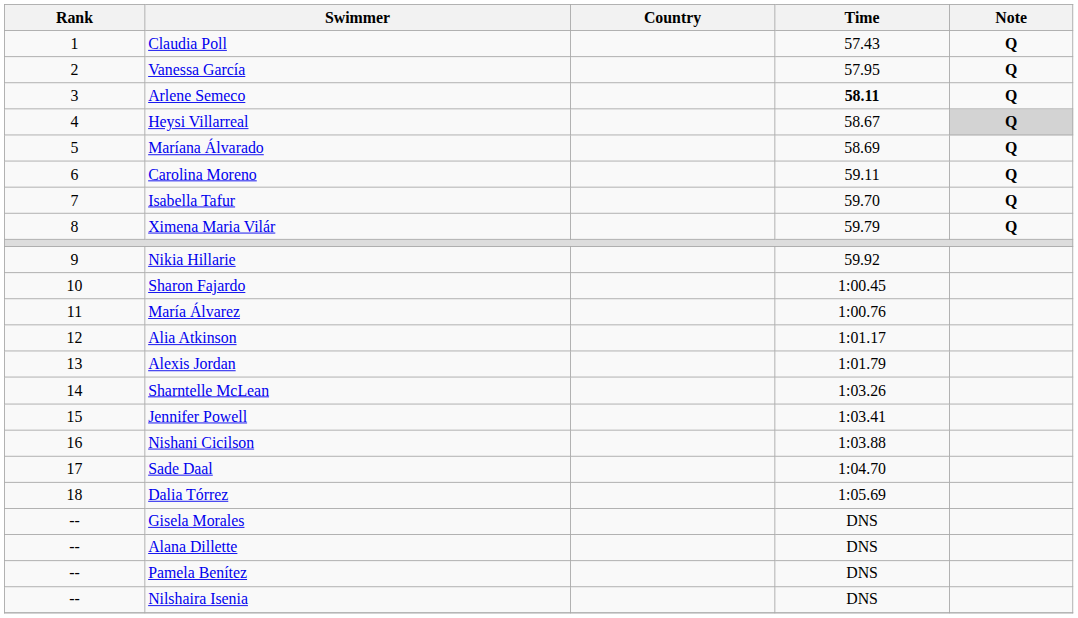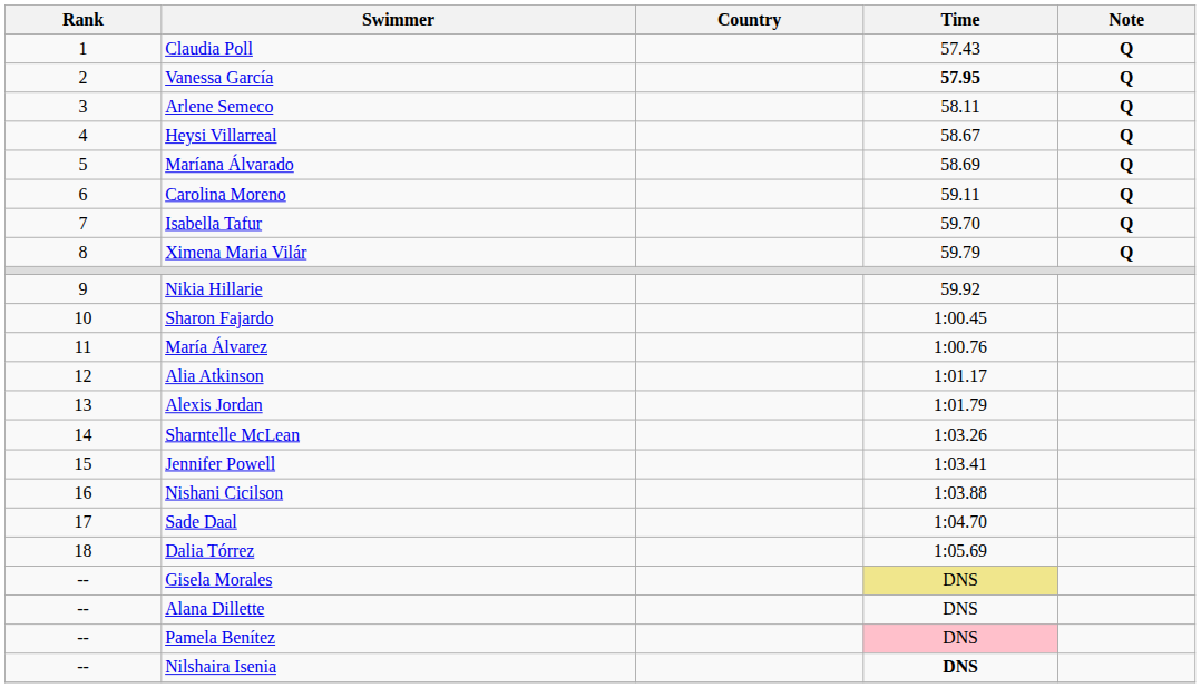 <table class="wikitable" style=" text-align:center; font-size:110%;" width="75%">
 <tr>
 <th>Rank</th>
 <th>Swimmer</th>
 <th>Country</th>
 <th>Time</th>
 <th>Note</th>
 </tr>
 <tr>
 <td>1</td>
 <td align=left><a href='#'>Claudia Poll</a></td>
 <td align=left></td>
 <td>57.43</td>
 <td><strong>Q</strong></td>
 </tr>
 <tr>
 <td>2</td>
 <td align=left><a href='#'>Vanessa García</a></td>
 <td align=left></td>
-<td>57.95</td>
+<td><strong>57.95</strong></td>
 <td><strong>Q</strong></td>
 </tr>
 <tr>
 <td>3</td>
 <td align=left><a href='#'>Arlene Semeco</a></td>
 <td align=left></td>
-<td><strong>58.11</strong></td>
+<td>58.11</td>
 <td><strong>Q</strong></td>
 </tr>
 <tr>
 <td>4</td>
 <td align=left><a href='#'>Heysi Villarreal</a></td>
 <td align=left></td>
 <td>58.67</td>
-<td style="background: lightgrey;"><strong>Q</strong></td>
+<td><strong>Q</strong></td>
 </tr>
 <tr>
 <td>5</td>
 <td align=left><a href='#'>Maríana Álvarado</a></td>
 <td align=left></td>
 <td>58.69</td>
 <td><strong>Q</strong></td>
 </tr>
 <tr>
 <td>6</td>
 <td align=left><a href='#'>Carolina Moreno</a></td>
 <td align=left></td>
 <td>59.11</td>
 <td><strong>Q</strong></td>
 </tr>
 <tr>
 <td>7</td>
 <td align=left><a href='#'>Isabella Tafur</a></td>
 <td align=left></td>
 <td>59.70</td>
 <td><strong>Q</strong></td>
 </tr>
 <tr>
 <td>8</td>
 <td align=left><a href='#'>Ximena Maria Vilár</a></td>
 <td align=left></td>
 <td>59.79</td>
 <td><strong>Q</strong></td>
 </tr>
 <tr bgcolor=#DDDDDD>
 <td colspan=5></td>
 </tr>
 <tr>
 <td>9</td>
 <td align=left><a href='#'>Nikia Hillarie</a></td>
 <td align=left></td>
 <td>59.92</td>
 <td></td>
 </tr>
 <tr>
 <td>10</td>
 <td align=left><a href='#'>Sharon Fajardo</a></td>
 <td align=left></td>
 <td>1:00.45</td>
 <td></td>
 </tr>
 <tr>
 <td>11</td>
 <td align=left><a href='#'>María Álvarez</a></td>
 <td align=left></td>
 <td>1:00.76</td>
 <td></td>
 </tr>
 <tr>
 <td>12</td>
 <td align=left><a href='#'>Alia Atkinson</a></td>
 <td align=left></td>
 <td>1:01.17</td>
 <td></td>
 </tr>
 <tr>
 <td>13</td>
 <td align=left><a href='#'>Alexis Jordan</a></td>
 <td align=left></td>
 <td>1:01.79</td>
 <td></td>
 </tr>
 <tr>
 <td>14</td>
 <td align=left><a href='#'>Sharntelle McLean</a></td>
 <td align=left></td>
 <td>1:03.26</td>
 <td></td>
 </tr>
 <tr>
 <td>15</td>
 <td align=left><a href='#'>Jennifer Powell</a></td>
 <td align=left></td>
 <td>1:03.41</td>
 <td></td>
 </tr>
 <tr>
 <td>16</td>
 <td align=left><a href='#'>Nishani Cicilson</a></td>
 <td align=left></td>
 <td>1:03.88</td>
 <td></td>
 </tr>
 <tr>
 <td>17</td>
 <td align=left><a href='#'>Sade Daal</a></td>
 <td align=left></td>
 <td>1:04.70</td>
 <td></td>
 </tr>
 <tr>
 <td>18</td>
 <td align=left><a href='#'>Dalia Tórrez</a></td>
 <td align=left></td>
 <td>1:05.69</td>
 <td></td>
 </tr>
 <tr>
 <td>--</td>
 <td align=left><a href='#'>Gisela Morales</a></td>
 <td align=left></td>
-<td>DNS</td>
+<td style="background: khaki;">DNS</td>
 <td></td>
 </tr>
 <tr>
 <td>--</td>
 <td align=left><a href='#'>Alana Dillette</a></td>
 <td align=left></td>
 <td>DNS</td>
 <td></td>
 </tr>
 <tr>
 <td>--</td>
 <td align=left><a href='#'>Pamela Benítez</a></td>
 <td align=left></td>
-<td>DNS</td>
+<td style="background: pink;">DNS</td>
 <td></td>
 </tr>
 <tr>
 <td>--</td>
 <td align=left><a href='#'>Nilshaira Isenia</a></td>
 <td align=left></td>
-<td>DNS</td>
+<td><strong>DNS</strong></td>
 <td></td>
 </tr>
 <tr>
 </tr>
 </table>
